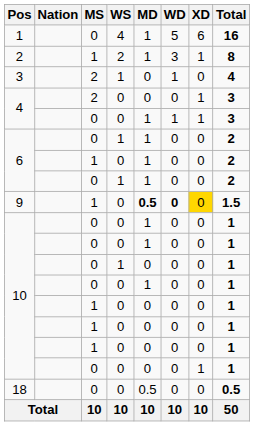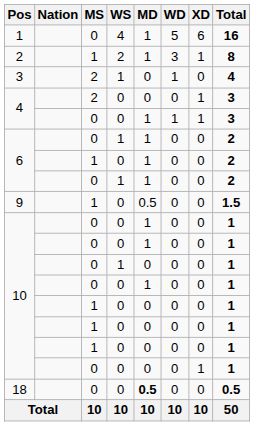 <table class="wikitable" style="text-align:center">
 <tr>
 <th>Pos</th>
 <th>Nation</th>
 <th>MS</th>
 <th>WS</th>
 <th>MD</th>
 <th>WD</th>
 <th>XD</th>
 <th>Total</th>
 </tr>
 <tr>
 <td>1</td>
 <td align="left"><strong></strong></td>
 <td>0</td>
 <td>4</td>
 <td>1</td>
 <td>5</td>
 <td>6</td>
 <td><strong>16</strong></td>
 </tr>
 <tr>
 <td>2</td>
 <td align="left"></td>
 <td>1</td>
 <td>2</td>
 <td>1</td>
 <td>3</td>
 <td>1</td>
 <td><strong>8</strong></td>
 </tr>
 <tr>
 <td>3</td>
 <td align="left"></td>
 <td>2</td>
 <td>1</td>
 <td>0</td>
 <td>1</td>
 <td>0</td>
 <td><strong>4</strong></td>
 </tr>
 <tr>
 <td rowspan="2">4</td>
 <td align="left"></td>
 <td>2</td>
 <td>0</td>
 <td>0</td>
 <td>0</td>
 <td>1</td>
 <td><strong>3</strong></td>
 </tr>
 <tr>
 <td align="left"></td>
 <td>0</td>
 <td>0</td>
 <td>1</td>
 <td>1</td>
 <td>1</td>
 <td><strong>3</strong></td>
 </tr>
 <tr>
 <td rowspan="3">6</td>
 <td align="left"></td>
 <td>0</td>
 <td>1</td>
 <td>1</td>
 <td>0</td>
 <td>0</td>
 <td><strong>2</strong></td>
 </tr>
 <tr>
 <td align="left"></td>
 <td>1</td>
 <td>0</td>
 <td>1</td>
 <td>0</td>
 <td>0</td>
 <td><strong>2</strong></td>
 </tr>
 <tr>
 <td align="left"></td>
 <td>0</td>
 <td>1</td>
 <td>1</td>
 <td>0</td>
 <td>0</td>
 <td><strong>2</strong></td>
 </tr>
 <tr>
 <td>9</td>
 <td align="left"></td>
 <td>1</td>
 <td>0</td>
-<td><strong>0.5</strong></td>
-<td><strong>0</strong></td>
-<td style="background: gold;">0</td>
+<td>0.5</td>
+<td>0</td>
+<td>0</td>
 <td><strong>1.5</strong></td>
 </tr>
 <tr>
 <td rowspan="8">10</td>
 <td align="left"></td>
 <td>0</td>
 <td>0</td>
 <td>1</td>
 <td>0</td>
 <td>0</td>
 <td><strong>1</strong></td>
 </tr>
 <tr>
 <td align="left"></td>
 <td>0</td>
 <td>0</td>
 <td>1</td>
 <td>0</td>
 <td>0</td>
 <td><strong>1</strong></td>
 </tr>
 <tr>
 <td align="left"></td>
 <td>0</td>
 <td>1</td>
 <td>0</td>
 <td>0</td>
 <td>0</td>
 <td><strong>1</strong></td>
 </tr>
 <tr>
 <td align="left"></td>
 <td>0</td>
 <td>0</td>
 <td>1</td>
 <td>0</td>
 <td>0</td>
 <td><strong>1</strong></td>
 </tr>
 <tr>
 <td align="left"></td>
 <td>1</td>
 <td>0</td>
 <td>0</td>
 <td>0</td>
 <td>0</td>
 <td><strong>1</strong></td>
 </tr>
 <tr>
 <td align="left"></td>
 <td>1</td>
 <td>0</td>
 <td>0</td>
 <td>0</td>
 <td>0</td>
 <td><strong>1</strong></td>
 </tr>
 <tr>
 <td align="left"></td>
 <td>1</td>
 <td>0</td>
 <td>0</td>
 <td>0</td>
 <td>0</td>
 <td><strong>1</strong></td>
 </tr>
 <tr>
 <td align="left"></td>
 <td>0</td>
 <td>0</td>
 <td>0</td>
 <td>0</td>
 <td>1</td>
 <td><strong>1</strong></td>
 </tr>
 <tr>
 <td>18</td>
 <td align="left"></td>
 <td>0</td>
 <td>0</td>
-<td>0.5</td>
+<td><strong>0.5</strong></td>
 <td>0</td>
 <td>0</td>
 <td><strong>0.5</strong></td>
 </tr>
 <tr>
 <th colspan="2">Total</th>
 <th>10</th>
 <th>10</th>
 <th>10</th>
 <th>10</th>
 <th>10</th>
 <th>50</th>
 </tr>
 </table>
